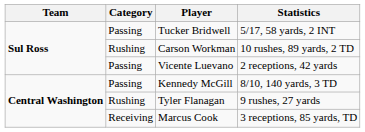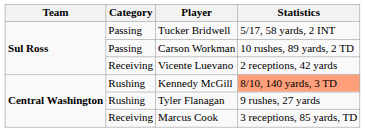 <table class="wikitable" style="float: right;">
 <tr>
 <th>Team</th>
 <th>Category</th>
 <th>Player</th>
 <th>Statistics</th>
 </tr>
 <tr>
 <td rowspan=3><strong>Sul Ross</strong></td>
 <td>Passing</td>
 <td>Tucker Bridwell</td>
 <td>5/17, 58 yards, 2 INT</td>
 </tr>
 <tr>
-<td>Rushing</td>
+<td>Passing</td>
 <td>Carson Workman</td>
 <td>10 rushes, 89 yards, 2 TD</td>
 </tr>
 <tr>
-<td>Passing</td>
+<td>Receiving</td>
 <td>Vicente Luevano</td>
 <td>2 receptions, 42 yards</td>
 </tr>
 <tr>
 <td rowspan=3><strong>Central Washington</strong></td>
-<td>Passing</td>
+<td>Rushing</td>
 <td>Kennedy McGill</td>
-<td>8/10, 140 yards, 3 TD</td>
+<td style="background: lightsalmon;">8/10, 140 yards, 3 TD</td>
 </tr>
 <tr>
 <td>Rushing</td>
 <td>Tyler Flanagan</td>
 <td>9 rushes, 27 yards</td>
 </tr>
 <tr>
 <td>Receiving</td>
 <td>Marcus Cook</td>
 <td>3 receptions, 85 yards, TD</td>
 </tr>
 </table>
